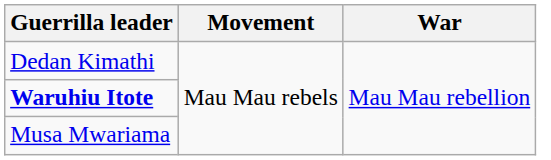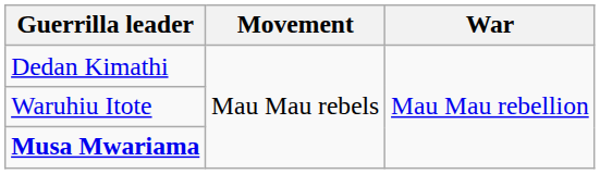 <table class="wikitable">
 <tr>
 <th>Guerrilla leader</th>
 <th>Movement</th>
 <th>War</th>
 </tr>
 <tr>
 <td><a href='#'>Dedan Kimathi</a></td>
 <td rowspan="3">Mau Mau rebels</td>
 <td rowspan="3"><a href='#'>Mau Mau rebellion</a></td>
 </tr>
 <tr>
-<td><strong><a href='#'>Waruhiu Itote</a></strong></td>
+<td><a href='#'>Waruhiu Itote</a></td>
 </tr>
 <tr>
-<td><a href='#'>Musa Mwariama</a></td>
+<td><strong><a href='#'>Musa Mwariama</a></strong></td>
 </tr>
 </table>
